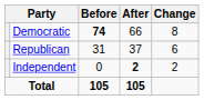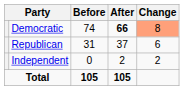 <table class="wikitable" style="text-align:center;">
 <tr>
 <th colspan="2">Party</th>
 <th>Before</th>
 <th>After</th>
 <th>Change</th>
 </tr>
 <tr>
 <th style="background-color:"></th>
 <td style="text-align:left;"><a href='#'>Democratic</a></td>
-<td><strong>74</strong></td>
-<td>66</td>
-<td> 8</td>
+<td>74</td>
+<td><strong>66</strong></td>
+<td style="background: lightsalmon;"> 8</td>
 </tr>
 <tr>
 <th style="background-color:"></th>
 <td style="text-align:left;"><a href='#'>Republican</a></td>
 <td>31</td>
 <td>37</td>
 <td> 6</td>
 </tr>
 <tr>
 <th style="background-color:"></th>
 <td style="text-align:left;"><a href='#'>Independent</a></td>
 <td>0</td>
-<td><strong>2</strong></td>
+<td>2</td>
 <td> 2</td>
 </tr>
 <tr>
 <td colspan="2"><strong>Total</strong></td>
 <td><strong>105</strong></td>
 <td><strong>105</strong></td>
 </tr>
 </table>
